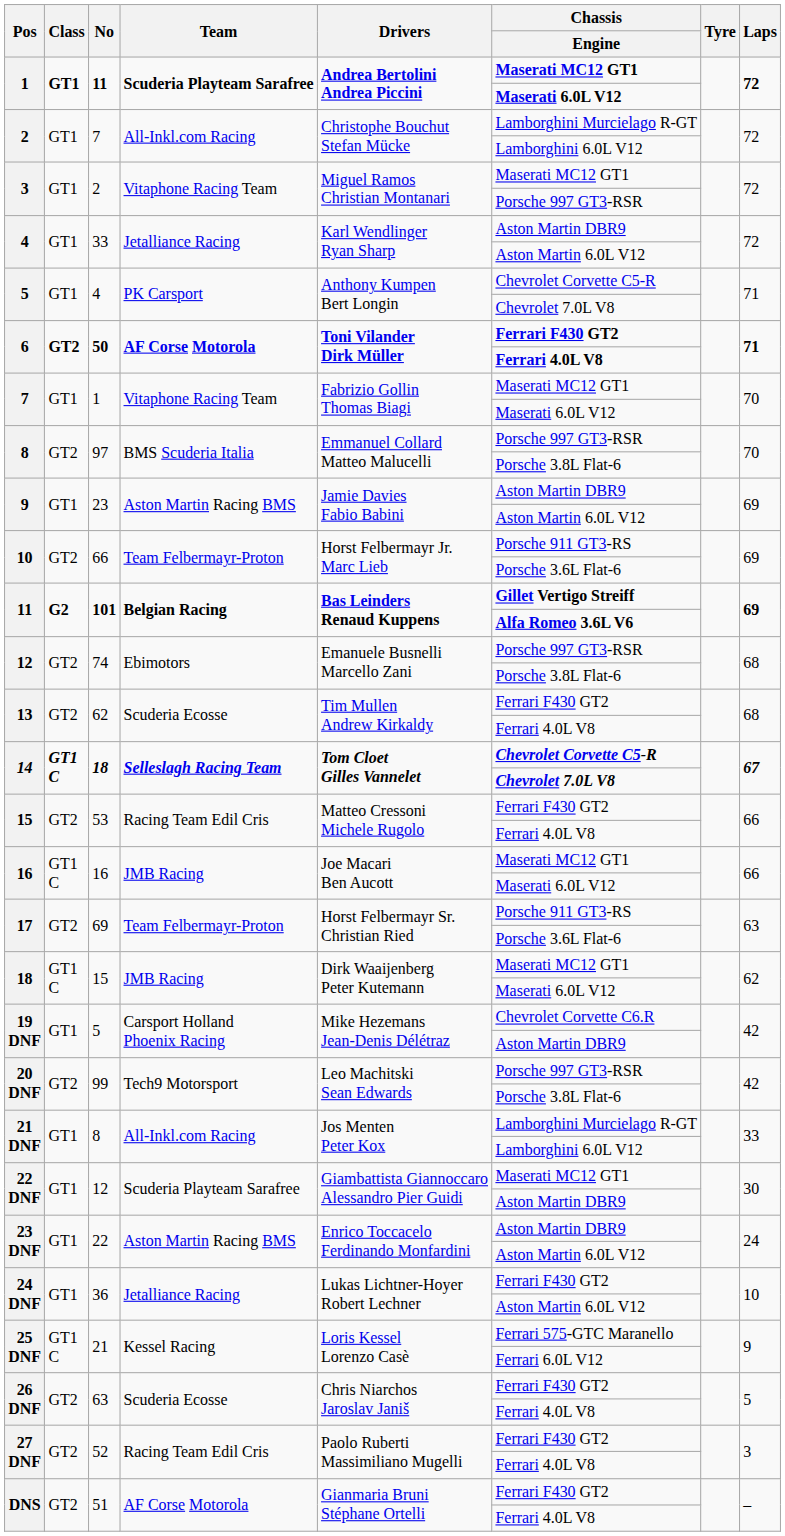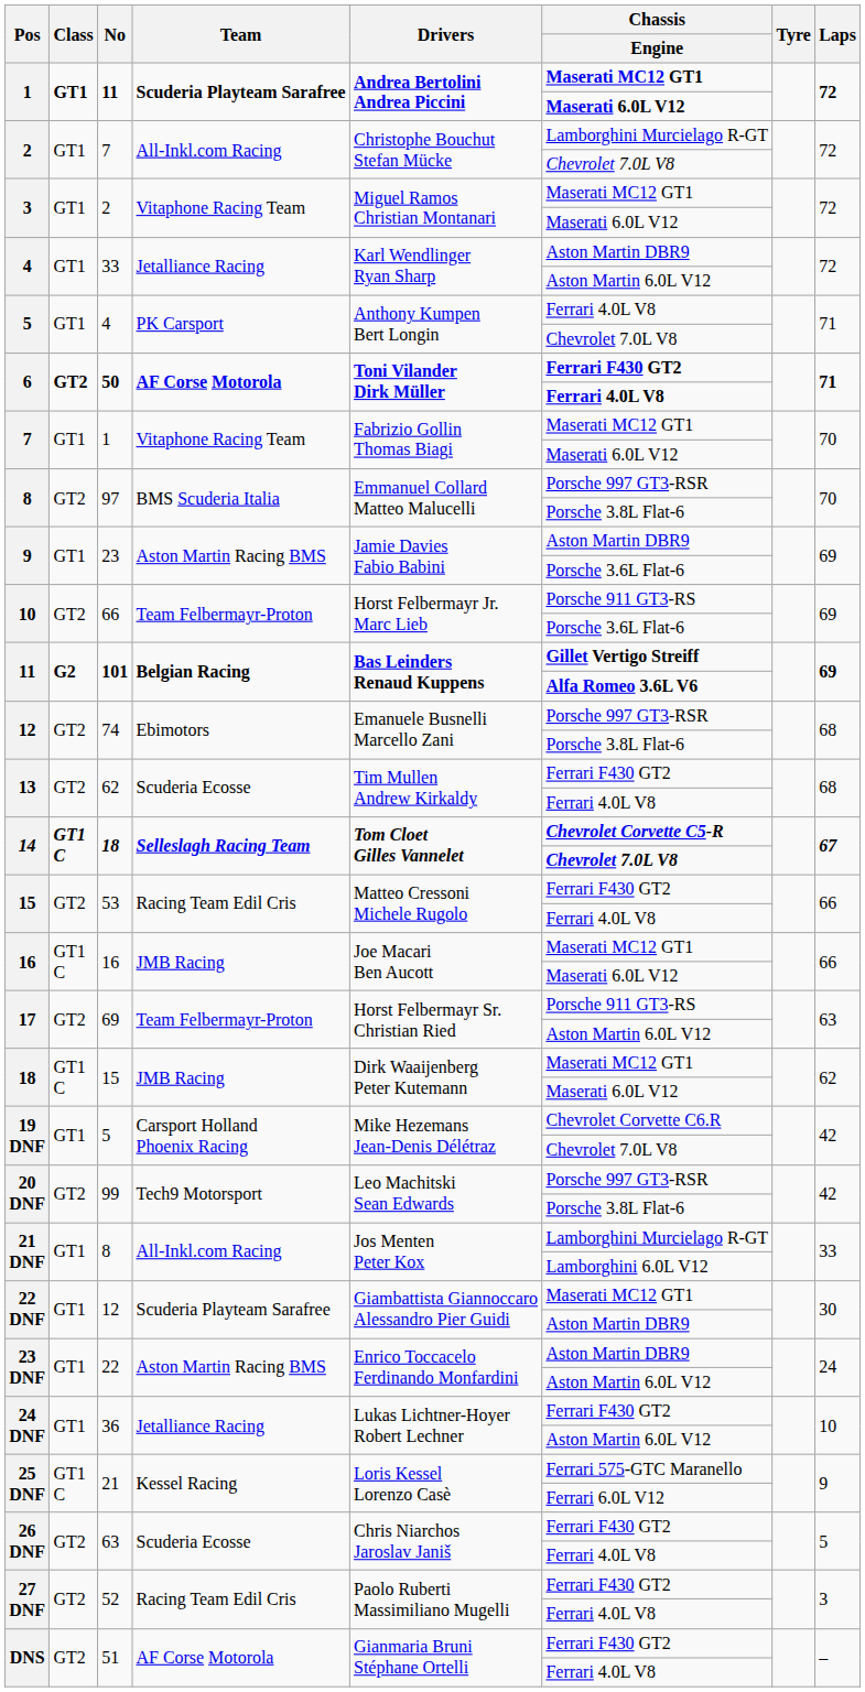 <table class="wikitable" style="font-size: 95%;">
 <tr>
 <th rowspan=2>Pos</th>
 <th rowspan=2>Class</th>
 <th rowspan=2>No</th>
 <th rowspan=2>Team</th>
 <th rowspan=2>Drivers</th>
 <th>Chassis</th>
 <th rowspan=2>Tyre</th>
 <th rowspan=2>Laps</th>
 </tr>
 <tr>
 <th>Engine</th>
 </tr>
 <tr style="font-weight:bold">
 <th rowspan=2>1</th>
 <td rowspan=2>GT1</td>
 <td rowspan=2>11</td>
 <td rowspan=2> Scuderia Playteam Sarafree</td>
 <td rowspan=2> <a href='#'>Andrea Bertolini</a><br> <a href='#'>Andrea Piccini</a></td>
 <td><a href='#'>Maserati MC12</a> GT1</td>
 <td rowspan=2></td>
 <td rowspan=2>72</td>
 </tr>
 <tr style="font-weight:bold">
 <td><a href='#'>Maserati</a> 6.0L V12</td>
 </tr>
 <tr>
 <th rowspan=2>2</th>
 <td rowspan=2>GT1</td>
 <td rowspan=2>7</td>
 <td rowspan=2> <a href='#'>All-Inkl.com Racing</a></td>
 <td rowspan=2> <a href='#'>Christophe Bouchut</a><br> <a href='#'>Stefan Mücke</a></td>
 <td><a href='#'>Lamborghini Murcielago</a> R-GT</td>
 <td rowspan=2></td>
 <td rowspan=2>72</td>
 </tr>
 <tr>
-<td><a href='#'>Lamborghini</a> 6.0L V12</td>
+<td><em><a href='#'>Chevrolet</a> 7.0L V8</em></td>
 </tr>
 <tr>
 <th rowspan=2>3</th>
 <td rowspan=2>GT1</td>
 <td rowspan=2>2</td>
 <td rowspan=2> <a href='#'>Vitaphone Racing</a> Team</td>
 <td rowspan=2> <a href='#'>Miguel Ramos</a><br> <a href='#'>Christian Montanari</a></td>
 <td><a href='#'>Maserati MC12</a> GT1</td>
 <td rowspan=2></td>
 <td rowspan=2>72</td>
 </tr>
 <tr>
-<td><a href='#'>Porsche 997 GT3</a>-RSR</td>
+<td><a href='#'>Maserati</a> 6.0L V12</td>
 </tr>
 <tr>
 <th rowspan=2>4</th>
 <td rowspan=2>GT1</td>
 <td rowspan=2>33</td>
 <td rowspan=2> <a href='#'>Jetalliance Racing</a></td>
 <td rowspan=2> <a href='#'>Karl Wendlinger</a><br> <a href='#'>Ryan Sharp</a></td>
 <td><a href='#'>Aston Martin DBR9</a></td>
 <td rowspan=2></td>
 <td rowspan=2>72</td>
 </tr>
 <tr>
 <td><a href='#'>Aston Martin</a> 6.0L V12</td>
 </tr>
 <tr>
 <th rowspan=2>5</th>
 <td rowspan=2>GT1</td>
 <td rowspan=2>4</td>
 <td rowspan=2> <a href='#'>PK Carsport</a></td>
 <td rowspan=2> <a href='#'>Anthony Kumpen</a><br> Bert Longin</td>
-<td><a href='#'>Chevrolet Corvette C5-R</a></td>
+<td><a href='#'>Ferrari</a> 4.0L V8</td>
 <td rowspan=2></td>
 <td rowspan=2>71</td>
 </tr>
 <tr>
 <td><a href='#'>Chevrolet</a> 7.0L V8</td>
 </tr>
 <tr style="font-weight:bold">
 <th rowspan=2>6</th>
 <td rowspan=2>GT2</td>
 <td rowspan=2>50</td>
 <td rowspan=2> <a href='#'>AF Corse</a> <a href='#'>Motorola</a></td>
 <td rowspan=2> <a href='#'>Toni Vilander</a><br> <a href='#'>Dirk Müller</a></td>
 <td><a href='#'>Ferrari F430</a> GT2</td>
 <td rowspan=2></td>
 <td rowspan=2>71</td>
 </tr>
 <tr style="font-weight:bold">
 <td><a href='#'>Ferrari</a> 4.0L V8</td>
 </tr>
 <tr>
 <th rowspan=2>7</th>
 <td rowspan=2>GT1</td>
 <td rowspan=2>1</td>
 <td rowspan=2> <a href='#'>Vitaphone Racing</a> Team</td>
 <td rowspan=2> <a href='#'>Fabrizio Gollin</a><br> <a href='#'>Thomas Biagi</a></td>
 <td><a href='#'>Maserati MC12</a> GT1</td>
 <td rowspan=2></td>
 <td rowspan=2>70</td>
 </tr>
 <tr>
 <td><a href='#'>Maserati</a> 6.0L V12</td>
 </tr>
 <tr>
 <th rowspan=2>8</th>
 <td rowspan=2>GT2</td>
 <td rowspan=2>97</td>
 <td rowspan=2> BMS <a href='#'>Scuderia Italia</a></td>
 <td rowspan=2> <a href='#'>Emmanuel Collard</a><br> Matteo Malucelli</td>
 <td><a href='#'>Porsche 997 GT3</a>-RSR</td>
 <td rowspan=2></td>
 <td rowspan=2>70</td>
 </tr>
 <tr>
 <td><a href='#'>Porsche</a> 3.8L Flat-6</td>
 </tr>
 <tr>
 <th rowspan=2>9</th>
 <td rowspan=2>GT1</td>
 <td rowspan=2>23</td>
 <td rowspan=2> <a href='#'>Aston Martin</a> Racing <a href='#'>BMS</a></td>
 <td rowspan=2> <a href='#'>Jamie Davies</a><br> <a href='#'>Fabio Babini</a></td>
 <td><a href='#'>Aston Martin DBR9</a></td>
 <td rowspan=2></td>
 <td rowspan=2>69</td>
 </tr>
 <tr>
-<td><a href='#'>Aston Martin</a> 6.0L V12</td>
+<td><a href='#'>Porsche</a> 3.6L Flat-6</td>
 </tr>
 <tr>
 <th rowspan=2>10</th>
 <td rowspan=2>GT2</td>
 <td rowspan=2>66</td>
 <td rowspan=2> <a href='#'>Team Felbermayr-Proton</a></td>
 <td rowspan=2> Horst Felbermayr Jr.<br> <a href='#'>Marc Lieb</a></td>
 <td><a href='#'>Porsche 911 GT3</a>-RS</td>
 <td rowspan=2></td>
 <td rowspan=2>69</td>
 </tr>
 <tr>
 <td><a href='#'>Porsche</a> 3.6L Flat-6</td>
 </tr>
 <tr style="font-weight:bold">
 <th rowspan=2>11</th>
 <td rowspan=2>G2</td>
 <td rowspan=2>101</td>
 <td rowspan=2> Belgian Racing</td>
 <td rowspan=2> <a href='#'>Bas Leinders</a><br> Renaud Kuppens</td>
 <td><a href='#'>Gillet</a> Vertigo Streiff</td>
 <td rowspan=2></td>
 <td rowspan=2>69</td>
 </tr>
 <tr style="font-weight:bold">
 <td><a href='#'>Alfa Romeo</a> 3.6L V6</td>
 </tr>
 <tr>
 <th rowspan=2>12</th>
 <td rowspan=2>GT2</td>
 <td rowspan=2>74</td>
 <td rowspan=2> Ebimotors</td>
 <td rowspan=2> Emanuele Busnelli<br> Marcello Zani</td>
 <td><a href='#'>Porsche 997 GT3</a>-RSR</td>
 <td rowspan=2></td>
 <td rowspan=2>68</td>
 </tr>
 <tr>
 <td><a href='#'>Porsche</a> 3.8L Flat-6</td>
 </tr>
 <tr>
 <th rowspan=2>13</th>
 <td rowspan=2>GT2</td>
 <td rowspan=2>62</td>
 <td rowspan=2> Scuderia Ecosse</td>
 <td rowspan=2> <a href='#'>Tim Mullen</a><br> <a href='#'>Andrew Kirkaldy</a></td>
 <td><a href='#'>Ferrari F430</a> GT2</td>
 <td rowspan=2></td>
 <td rowspan=2>68</td>
 </tr>
 <tr>
 <td><a href='#'>Ferrari</a> 4.0L V8</td>
 </tr>
 <tr style="font-weight:bold">
 <th rowspan=2><em>14</em></th>
 <td rowspan=2><em>GT1<br>C</em></td>
 <td rowspan=2><em>18</em></td>
 <td rowspan=2><em> <a href='#'>Selleslagh Racing Team</a></em></td>
 <td rowspan=2><em> Tom Cloet<br> Gilles Vannelet</em></td>
 <td><em><a href='#'>Chevrolet Corvette C5</a>-R</em></td>
 <td rowspan=2></td>
 <td rowspan=2><em>67</em></td>
 </tr>
 <tr style="font-weight:bold">
 <td><em><a href='#'>Chevrolet</a> 7.0L V8</em></td>
 </tr>
 <tr>
 <th rowspan=2>15</th>
 <td rowspan=2>GT2</td>
 <td rowspan=2>53</td>
 <td rowspan=2> Racing Team Edil Cris</td>
 <td rowspan=2> Matteo Cressoni<br> <a href='#'>Michele Rugolo</a></td>
 <td><a href='#'>Ferrari F430</a> GT2</td>
 <td rowspan=2></td>
 <td rowspan=2>66</td>
 </tr>
 <tr>
 <td><a href='#'>Ferrari</a> 4.0L V8</td>
 </tr>
 <tr>
 <th rowspan=2>16</th>
 <td rowspan=2>GT1<br>C</td>
 <td rowspan=2>16</td>
 <td rowspan=2> <a href='#'>JMB Racing</a></td>
 <td rowspan=2> Joe Macari<br> Ben Aucott</td>
 <td><a href='#'>Maserati MC12</a> GT1</td>
 <td rowspan=2></td>
 <td rowspan=2>66</td>
 </tr>
 <tr>
 <td><a href='#'>Maserati</a> 6.0L V12</td>
 </tr>
 <tr>
 <th rowspan=2>17</th>
 <td rowspan=2>GT2</td>
 <td rowspan=2>69</td>
 <td rowspan=2> <a href='#'>Team Felbermayr-Proton</a></td>
 <td rowspan=2> Horst Felbermayr Sr.<br> Christian Ried</td>
 <td><a href='#'>Porsche 911 GT3</a>-RS</td>
 <td rowspan=2></td>
 <td rowspan=2>63</td>
 </tr>
 <tr>
-<td><a href='#'>Porsche</a> 3.6L Flat-6</td>
+<td><a href='#'>Aston Martin</a> 6.0L V12</td>
 </tr>
 <tr>
 <th rowspan=2>18</th>
 <td rowspan=2>GT1<br>C</td>
 <td rowspan=2>15</td>
 <td rowspan=2> <a href='#'>JMB Racing</a></td>
 <td rowspan=2> Dirk Waaijenberg<br> Peter Kutemann</td>
 <td><a href='#'>Maserati MC12</a> GT1</td>
 <td rowspan=2></td>
 <td rowspan=2>62</td>
 </tr>
 <tr>
 <td><a href='#'>Maserati</a> 6.0L V12</td>
 </tr>
 <tr>
 <th rowspan=2>19<br>DNF</th>
 <td rowspan=2>GT1</td>
 <td rowspan=2>5</td>
 <td rowspan=2> Carsport Holland<br> <a href='#'>Phoenix Racing</a></td>
 <td rowspan=2> Mike Hezemans<br> <a href='#'>Jean-Denis Délétraz</a></td>
 <td><a href='#'>Chevrolet Corvette C6.R</a></td>
 <td rowspan=2></td>
 <td rowspan=2>42</td>
 </tr>
 <tr>
-<td><a href='#'>Aston Martin DBR9</a></td>
+<td><a href='#'>Chevrolet</a> 7.0L V8</td>
 </tr>
 <tr>
 <th rowspan=2>20<br>DNF</th>
 <td rowspan=2>GT2</td>
 <td rowspan=2>99</td>
 <td rowspan=2> Tech9 Motorsport</td>
 <td rowspan=2> Leo Machitski<br> <a href='#'>Sean Edwards</a></td>
 <td><a href='#'>Porsche 997 GT3</a>-RSR</td>
 <td rowspan=2></td>
 <td rowspan=2>42</td>
 </tr>
 <tr>
 <td><a href='#'>Porsche</a> 3.8L Flat-6</td>
 </tr>
 <tr>
 <th rowspan=2>21<br>DNF</th>
 <td rowspan=2>GT1</td>
 <td rowspan=2>8</td>
 <td rowspan=2> <a href='#'>All-Inkl.com Racing</a></td>
 <td rowspan=2> Jos Menten<br> <a href='#'>Peter Kox</a></td>
 <td><a href='#'>Lamborghini Murcielago</a> R-GT</td>
 <td rowspan=2></td>
 <td rowspan=2>33</td>
 </tr>
 <tr>
 <td><a href='#'>Lamborghini</a> 6.0L V12</td>
 </tr>
 <tr>
 <th rowspan=2>22<br>DNF</th>
 <td rowspan=2>GT1</td>
 <td rowspan=2>12</td>
 <td rowspan=2> Scuderia Playteam Sarafree</td>
 <td rowspan=2> <a href='#'>Giambattista Giannoccaro</a><br> <a href='#'>Alessandro Pier Guidi</a></td>
 <td><a href='#'>Maserati MC12</a> GT1</td>
 <td rowspan=2></td>
 <td rowspan=2>30</td>
 </tr>
 <tr>
 <td><a href='#'>Aston Martin DBR9</a></td>
 </tr>
 <tr>
 <th rowspan=2>23<br>DNF</th>
 <td rowspan=2>GT1</td>
 <td rowspan=2>22</td>
 <td rowspan=2> <a href='#'>Aston Martin</a> Racing <a href='#'>BMS</a></td>
 <td rowspan=2> <a href='#'>Enrico Toccacelo</a><br> <a href='#'>Ferdinando Monfardini</a></td>
 <td><a href='#'>Aston Martin DBR9</a></td>
 <td rowspan=2></td>
 <td rowspan=2>24</td>
 </tr>
 <tr>
 <td><a href='#'>Aston Martin</a> 6.0L V12</td>
 </tr>
 <tr>
 <th rowspan=2>24<br>DNF</th>
 <td rowspan=2>GT1</td>
 <td rowspan=2>36</td>
 <td rowspan=2> <a href='#'>Jetalliance Racing</a></td>
 <td rowspan=2> Lukas Lichtner-Hoyer<br> Robert Lechner</td>
 <td><a href='#'>Ferrari F430</a> GT2</td>
 <td rowspan=2></td>
 <td rowspan=2>10</td>
 </tr>
 <tr>
 <td><a href='#'>Aston Martin</a> 6.0L V12</td>
 </tr>
 <tr>
 <th rowspan=2>25<br>DNF</th>
 <td rowspan=2>GT1<br>C</td>
 <td rowspan=2>21</td>
 <td rowspan=2> Kessel Racing</td>
 <td rowspan=2> <a href='#'>Loris Kessel</a><br> Lorenzo Casè</td>
 <td><a href='#'>Ferrari 575</a>-GTC Maranello</td>
 <td rowspan=2></td>
 <td rowspan=2>9</td>
 </tr>
 <tr>
 <td><a href='#'>Ferrari</a> 6.0L V12</td>
 </tr>
 <tr>
 <th rowspan=2>26<br>DNF</th>
 <td rowspan=2>GT2</td>
 <td rowspan=2>63</td>
 <td rowspan=2> Scuderia Ecosse</td>
 <td rowspan=2> Chris Niarchos<br> <a href='#'>Jaroslav Janiš</a></td>
 <td><a href='#'>Ferrari F430</a> GT2</td>
 <td rowspan=2></td>
 <td rowspan=2>5</td>
 </tr>
 <tr>
 <td><a href='#'>Ferrari</a> 4.0L V8</td>
 </tr>
 <tr>
 <th rowspan=2>27<br>DNF</th>
 <td rowspan=2>GT2</td>
 <td rowspan=2>52</td>
 <td rowspan=2> Racing Team Edil Cris</td>
 <td rowspan=2> Paolo Ruberti<br> Massimiliano Mugelli</td>
 <td><a href='#'>Ferrari F430</a> GT2</td>
 <td rowspan=2></td>
 <td rowspan=2>3</td>
 </tr>
 <tr>
 <td><a href='#'>Ferrari</a> 4.0L V8</td>
 </tr>
 <tr>
 <th rowspan=2>DNS</th>
 <td rowspan=2>GT2</td>
 <td rowspan=2>51</td>
 <td rowspan=2> <a href='#'>AF Corse</a> <a href='#'>Motorola</a></td>
 <td rowspan=2> <a href='#'>Gianmaria Bruni</a><br> <a href='#'>Stéphane Ortelli</a></td>
 <td><a href='#'>Ferrari F430</a> GT2</td>
 <td rowspan=2></td>
 <td rowspan=2>–</td>
 </tr>
 <tr>
 <td><a href='#'>Ferrari</a> 4.0L V8</td>
 </tr>
 </table>
